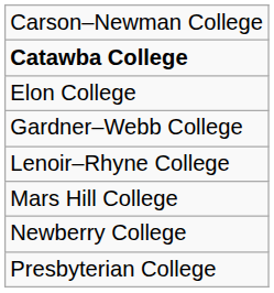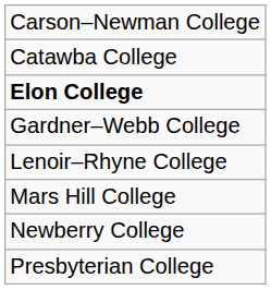 <table class="wikitable">
 <tr>
 <td>Carson–Newman College</td>
 </tr>
 <tr>
-<td><strong>Catawba College</strong></td>
+<td>Catawba College</td>
 </tr>
 <tr>
-<td>Elon College</td>
+<td><strong>Elon College</strong></td>
 </tr>
 <tr>
 <td>Gardner–Webb College</td>
 </tr>
 <tr>
 <td>Lenoir–Rhyne College</td>
 </tr>
 <tr>
 <td>Mars Hill College</td>
 </tr>
 <tr>
 <td>Newberry College</td>
 </tr>
 <tr>
 <td>Presbyterian College</td>
 </tr>
 </table>
